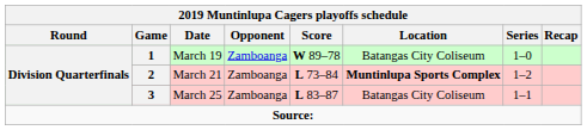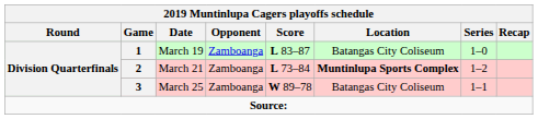 <table class="wikitable" style="text-align:center">
 <tr>
 <th colspan=8>2019 Muntinlupa Cagers playoffs schedule</th>
 </tr>
 <tr>
 <th>Round</th>
 <th>Game</th>
 <th>Date</th>
 <th>Opponent</th>
 <th>Score</th>
 <th>Location</th>
 <th>Series</th>
 <th>Recap<br></th>
 </tr>
 <tr style="background:#cfc">
 <th rowspan=3>Division Quarterfinals</th>
 <th>1</th>
 <td>March 19</td>
 <td><a href='#'>Zamboanga</a></td>
-<td><strong>W</strong> 89–78</td>
+<td><strong>L</strong> 83–87</td>
 <td>Batangas City Coliseum</td>
 <td>1–0</td>
 <td></td>
 </tr>
 <tr style="background:#fcc">
 <th>2</th>
 <td>March 21</td>
 <td>Zamboanga</td>
 <td><strong>L</strong> 73–84</td>
 <td><strong>Muntinlupa Sports Complex</strong></td>
 <td>1–2</td>
 <td></td>
 </tr>
 <tr style="background:#fcc">
 <th>3</th>
 <td>March 25</td>
 <td>Zamboanga</td>
-<td><strong>L</strong> 83–87</td>
+<td><strong>W</strong> 89–78</td>
 <td>Batangas City Coliseum</td>
 <td>1–1</td>
 <td></td>
 </tr>
 <tr>
 <td colspan=8 align=center><strong>Source: </strong></td>
 </tr>
 </table>
